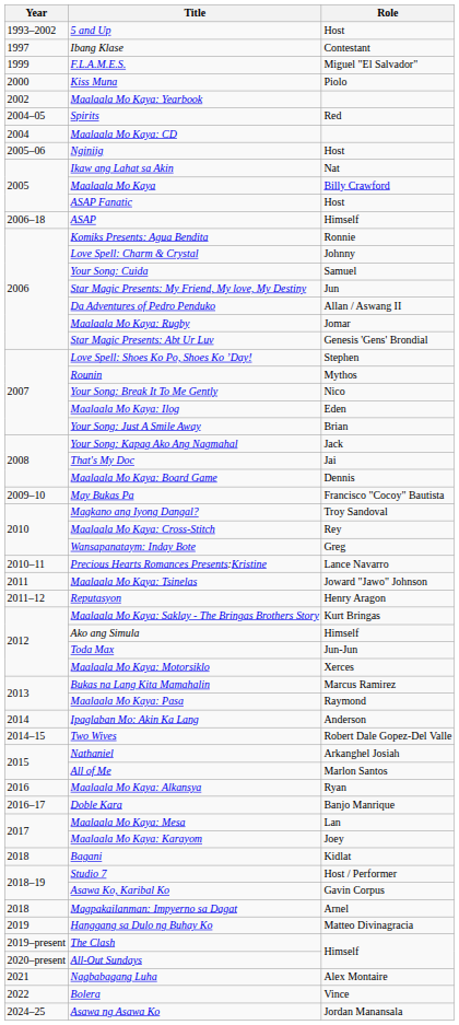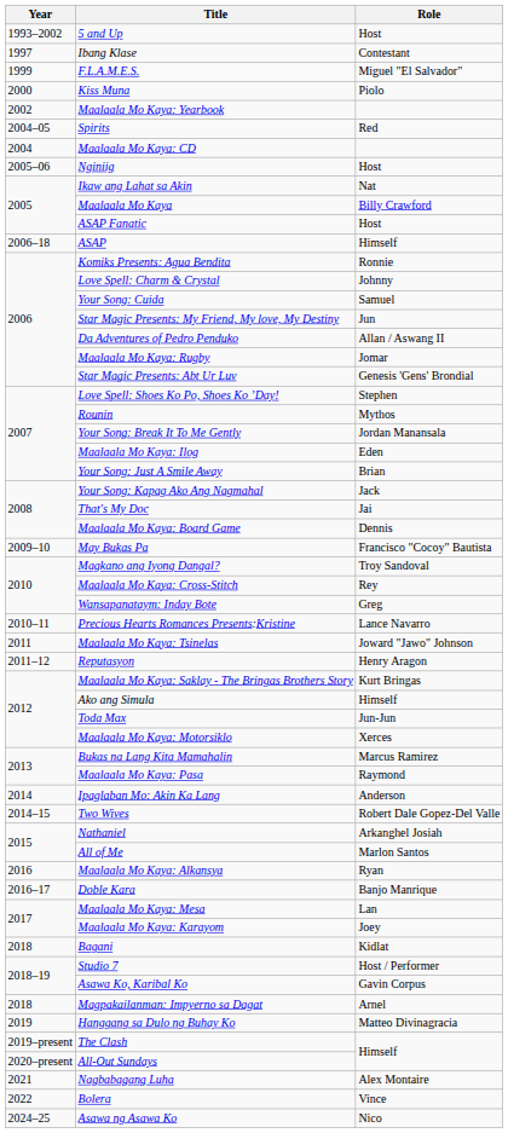 <table class="wikitable">
 <tr>
 <th>Year</th>
 <th>Title</th>
 <th>Role</th>
 </tr>
 <tr>
 <td>1993–2002</td>
 <td><em><a href='#'>5 and Up</a></em></td>
 <td>Host</td>
 </tr>
 <tr>
 <td>1997</td>
 <td><em>Ibang Klase</em></td>
 <td>Contestant</td>
 </tr>
 <tr>
 <td>1999</td>
 <td><em><a href='#'>F.L.A.M.E.S.</a></em></td>
 <td>Miguel "El Salvador"</td>
 </tr>
 <tr>
 <td>2000</td>
 <td><em><a href='#'>Kiss Muna</a></em></td>
 <td>Piolo</td>
 </tr>
 <tr>
 <td>2002</td>
 <td><em><a href='#'>Maalaala Mo Kaya: Yearbook</a></em></td>
 <td></td>
 </tr>
 <tr>
 <td>2004–05</td>
 <td><em><a href='#'>Spirits</a></em></td>
 <td>Red</td>
 </tr>
 <tr>
 <td>2004</td>
 <td><em><a href='#'>Maalaala Mo Kaya: CD</a></em></td>
 <td></td>
 </tr>
 <tr>
 <td>2005–06</td>
 <td><em><a href='#'>Nginiig</a></em></td>
 <td>Host</td>
 </tr>
 <tr>
 <td rowspan="3">2005</td>
 <td><em><a href='#'>Ikaw ang Lahat sa Akin</a></em></td>
 <td>Nat</td>
 </tr>
 <tr>
 <td><em><a href='#'>Maalaala Mo Kaya</a></em></td>
 <td><a href='#'>Billy Crawford</a></td>
 </tr>
 <tr>
 <td><em><a href='#'>ASAP Fanatic</a></em></td>
 <td>Host</td>
 </tr>
 <tr>
 <td>2006–18</td>
 <td><em><a href='#'>ASAP</a></em></td>
 <td>Himself</td>
 </tr>
 <tr>
 <td rowspan=7>2006</td>
 <td><em><a href='#'>Komiks Presents: Agua Bendita</a></em></td>
 <td>Ronnie</td>
 </tr>
 <tr>
 <td><a href='#'><em>Love Spell: Charm & Crystal</em></a></td>
 <td>Johnny</td>
 </tr>
 <tr>
 <td><em><a href='#'>Your Song: Cuida</a></em></td>
 <td>Samuel</td>
 </tr>
 <tr>
 <td><a href='#'><em>Star Magic Presents: My Friend, My love, My Destiny</em></a></td>
 <td>Jun</td>
 </tr>
 <tr>
 <td><em><a href='#'>Da Adventures of Pedro Penduko</a></em></td>
 <td>Allan / Aswang II</td>
 </tr>
 <tr>
 <td><em><a href='#'>Maalaala Mo Kaya: Rugby</a></em></td>
 <td>Jomar</td>
 </tr>
 <tr>
 <td><em><a href='#'>Star Magic Presents: Abt Ur Luv</a></em></td>
 <td>Genesis 'Gens' Brondial</td>
 </tr>
 <tr>
 <td rowspan=5>2007</td>
 <td><em><a href='#'>Love Spell: Shoes Ko Po, Shoes Ko ’Day!</a></em></td>
 <td>Stephen</td>
 </tr>
 <tr>
 <td><em><a href='#'>Rounin</a></em></td>
 <td>Mythos</td>
 </tr>
 <tr>
 <td><em><a href='#'>Your Song: Break It To Me Gently</a></em></td>
-<td>Nico</td>
+<td>Jordan Manansala</td>
 </tr>
 <tr>
 <td><em><a href='#'>Maalaala Mo Kaya: Ilog</a></em></td>
 <td>Eden</td>
 </tr>
 <tr>
 <td><em><a href='#'>Your Song: Just A Smile Away</a></em></td>
 <td>Brian</td>
 </tr>
 <tr>
 <td rowspan=3>2008</td>
 <td><em><a href='#'>Your Song: Kapag Ako Ang Nagmahal</a></em></td>
 <td>Jack</td>
 </tr>
 <tr>
 <td><em><a href='#'>That's My Doc</a></em></td>
 <td>Jai</td>
 </tr>
 <tr>
 <td><em><a href='#'>Maalaala Mo Kaya: Board Game</a></em></td>
 <td>Dennis</td>
 </tr>
 <tr>
 <td>2009–10</td>
 <td><em><a href='#'>May Bukas Pa</a></em></td>
 <td>Francisco "Cocoy" Bautista</td>
 </tr>
 <tr>
 <td rowspan="3">2010</td>
 <td><em><a href='#'>Magkano ang Iyong Dangal?</a></em></td>
 <td>Troy Sandoval</td>
 </tr>
 <tr>
 <td><em><a href='#'>Maalaala Mo Kaya: Cross-Stitch</a></em></td>
 <td>Rey</td>
 </tr>
 <tr>
 <td><em><a href='#'>Wansapanataym: Inday Bote</a></em></td>
 <td>Greg</td>
 </tr>
 <tr>
 <td>2010–11</td>
 <td><em><a href='#'>Precious Hearts Romances Presents</a>:<a href='#'>Kristine</a></em></td>
 <td>Lance Navarro</td>
 </tr>
 <tr>
 <td>2011</td>
 <td><em><a href='#'>Maalaala Mo Kaya: Tsinelas</a></em></td>
 <td>Joward "Jawo" Johnson</td>
 </tr>
 <tr>
 <td>2011–12</td>
 <td><em><a href='#'>Reputasyon</a></em></td>
 <td>Henry Aragon</td>
 </tr>
 <tr>
 <td rowspan="4">2012</td>
 <td><em><a href='#'>Maalaala Mo Kaya: Saklay - The Bringas Brothers Story</a></em></td>
 <td>Kurt Bringas</td>
 </tr>
 <tr>
 <td><em>Ako ang Simula</em></td>
 <td>Himself</td>
 </tr>
 <tr>
 <td><em><a href='#'>Toda Max</a></em></td>
 <td>Jun-Jun</td>
 </tr>
 <tr>
 <td><em><a href='#'>Maalaala Mo Kaya: Motorsiklo</a></em></td>
 <td>Xerces</td>
 </tr>
 <tr>
 <td rowspan="2">2013</td>
 <td><em><a href='#'>Bukas na Lang Kita Mamahalin</a></em></td>
 <td>Marcus Ramirez</td>
 </tr>
 <tr>
 <td><em><a href='#'>Maalaala Mo Kaya: Pasa</a></em></td>
 <td>Raymond</td>
 </tr>
 <tr>
 <td>2014</td>
 <td><em><a href='#'>Ipaglaban Mo: Akin Ka Lang</a></em></td>
 <td>Anderson</td>
 </tr>
 <tr>
 <td>2014–15</td>
 <td><em><a href='#'>Two Wives</a></em></td>
 <td>Robert Dale Gopez-Del Valle</td>
 </tr>
 <tr>
 <td rowspan="2">2015</td>
 <td><em><a href='#'>Nathaniel</a></em></td>
 <td>Arkanghel Josiah</td>
 </tr>
 <tr>
 <td><em><a href='#'>All of Me</a></em></td>
 <td>Marlon Santos</td>
 </tr>
 <tr>
 <td>2016</td>
 <td><em><a href='#'>Maalaala Mo Kaya: Alkansya</a></em></td>
 <td>Ryan</td>
 </tr>
 <tr>
 <td>2016–17</td>
 <td><em><a href='#'>Doble Kara</a></em></td>
 <td>Banjo Manrique</td>
 </tr>
 <tr>
 <td rowspan="2">2017</td>
 <td><em><a href='#'>Maalaala Mo Kaya: Mesa</a></em></td>
 <td>Lan</td>
 </tr>
 <tr>
 <td><em><a href='#'>Maalaala Mo Kaya: Karayom</a></em></td>
 <td>Joey</td>
 </tr>
 <tr>
 <td>2018</td>
 <td><em><a href='#'>Bagani</a></em></td>
 <td>Kidlat</td>
 </tr>
 <tr>
 <td rowspan="2">2018–19</td>
 <td><em><a href='#'>Studio 7</a></em></td>
 <td>Host / Performer</td>
 </tr>
 <tr>
 <td><em><a href='#'>Asawa Ko, Karibal Ko</a></em></td>
 <td>Gavin Corpus</td>
 </tr>
 <tr>
 <td>2018</td>
 <td><em><a href='#'>Magpakailanman: Impyerno sa Dagat</a></em></td>
 <td>Arnel</td>
 </tr>
 <tr>
 <td>2019</td>
 <td><em><a href='#'>Hanggang sa Dulo ng Buhay Ko</a></em></td>
 <td>Matteo Divinagracia</td>
 </tr>
 <tr>
 <td>2019–present</td>
 <td><em><a href='#'>The Clash</a></em></td>
 <td rowspan="2">Himself</td>
 </tr>
 <tr>
 <td>2020–present</td>
 <td><em><a href='#'>All-Out Sundays</a></em></td>
 </tr>
 <tr>
 <td>2021</td>
 <td><em><a href='#'>Nagbabagang Luha</a></em></td>
 <td>Alex Montaire</td>
 </tr>
 <tr>
 <td>2022</td>
 <td><em><a href='#'>Bolera</a></em></td>
 <td>Vince</td>
 </tr>
 <tr>
 <td>2024–25</td>
 <td><em><a href='#'>Asawa ng Asawa Ko</a></em></td>
-<td>Jordan Manansala</td>
+<td>Nico</td>
 </tr>
 </table>
